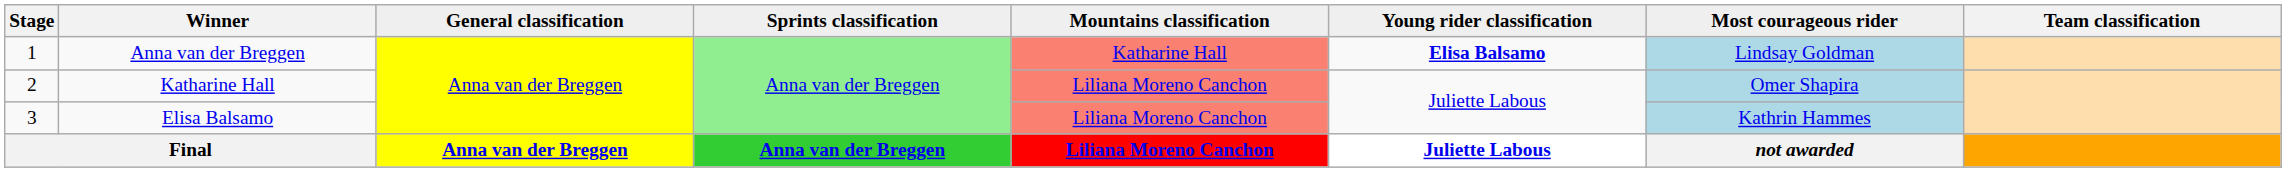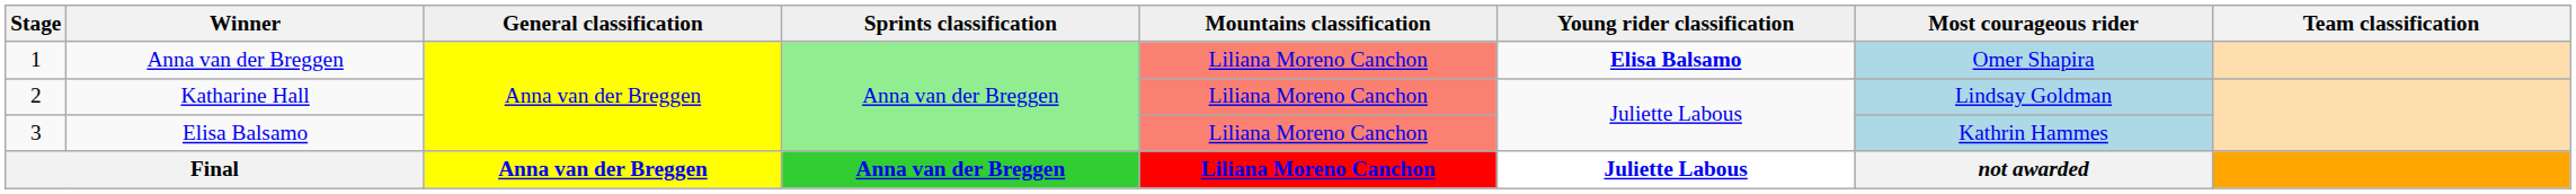 <table class="wikitable" style="text-align: center; font-size:smaller;">
 <tr style="background:#efefef;">
 <th style="width:2%;">Stage</th>
 <th style="width:14%;">Winner</th>
 <th style="background:#efefef; width:14%;">General classification<br></th>
 <th style="background:#efefef; width:14%;">Sprints classification<br></th>
 <th style="background:#efefef; width:14%;">Mountains classification<br></th>
 <th style="background:#efefef; width:14%;">Young rider classification<br></th>
 <th style="background:#efefef; width:14%;">Most courageous rider<br></th>
 <th style="width:14%;">Team classification</th>
 </tr>
 <tr>
 <td>1</td>
 <td><a href='#'>Anna van der Breggen</a></td>
 <td style="background:yellow;"rowspan=3><a href='#'>Anna van der Breggen</a></td>
 <td style="background:lightgreen;"rowspan=3><a href='#'>Anna van der Breggen</a></td>
-<td style="background:salmon;"><a href='#'>Katharine Hall</a></td>
+<td style="background:salmon;"><a href='#'>Liliana Moreno Canchon</a></td>
 <td style="background:offwhite;"><strong><a href='#'>Elisa Balsamo</a></strong></td>
-<td style="background:lightblue;"><a href='#'>Lindsay Goldman</a></td>
+<td style="background:lightblue;"><a href='#'>Omer Shapira</a></td>
 <td style="background:navajowhite;"></td>
 </tr>
 <tr>
 <td>2</td>
 <td><a href='#'>Katharine Hall</a></td>
 <td style="background:salmon;"><a href='#'>Liliana Moreno Canchon</a></td>
 <td style="background:offwhite;"rowspan=2><a href='#'>Juliette Labous</a></td>
-<td style="background:lightblue;"><a href='#'>Omer Shapira</a></td>
+<td style="background:lightblue;"><a href='#'>Lindsay Goldman</a></td>
 <td style="background:navajowhite;"rowspan=2></td>
 </tr>
 <tr>
 <td>3</td>
 <td><a href='#'>Elisa Balsamo</a></td>
 <td style="background:salmon;"><a href='#'>Liliana Moreno Canchon</a></td>
 <td style="background:lightblue;"><a href='#'>Kathrin Hammes</a></td>
 </tr>
 <tr>
 <th colspan=2>Final</th>
 <th style="background:yellow;"><a href='#'>Anna van der Breggen</a></th>
 <th style="background:limegreen;"><a href='#'>Anna van der Breggen</a></th>
 <th style="background:red;"><a href='#'>Liliana Moreno Canchon</a></th>
 <th style="background:white;"><a href='#'>Juliette Labous</a></th>
 <th><em>not awarded</em></th>
 <th style="background:orange;"></th>
 </tr>
 </table>
